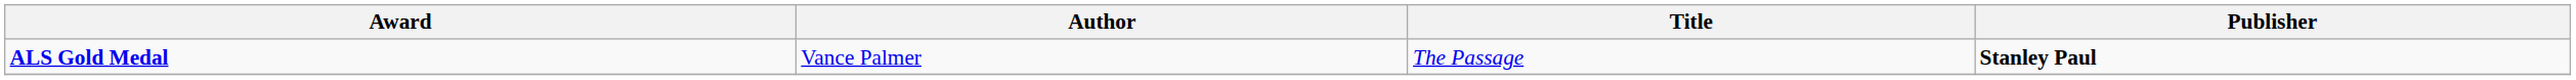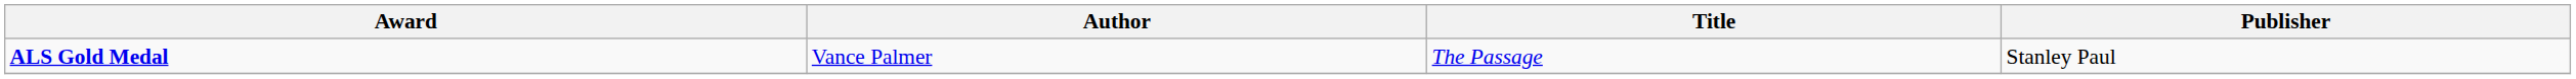 <table class="wikitable" width=95%>
 <tr>
 <th>Award</th>
 <th>Author</th>
 <th>Title</th>
 <th>Publisher</th>
 </tr>
 <tr>
 <td><strong><a href='#'>ALS Gold Medal</a></strong></td>
 <td><a href='#'>Vance Palmer</a></td>
 <td><em><a href='#'>The Passage</a></em></td>
-<td><strong>Stanley Paul</strong></td>
+<td>Stanley Paul</td>
 </tr>
 <tr>
 </tr>
 </table>
